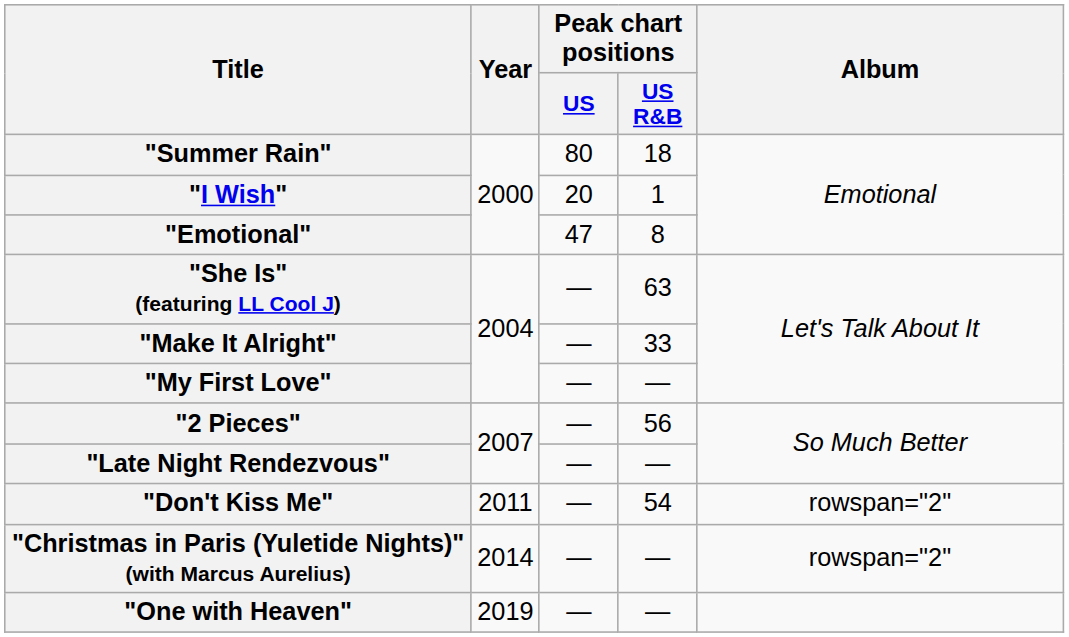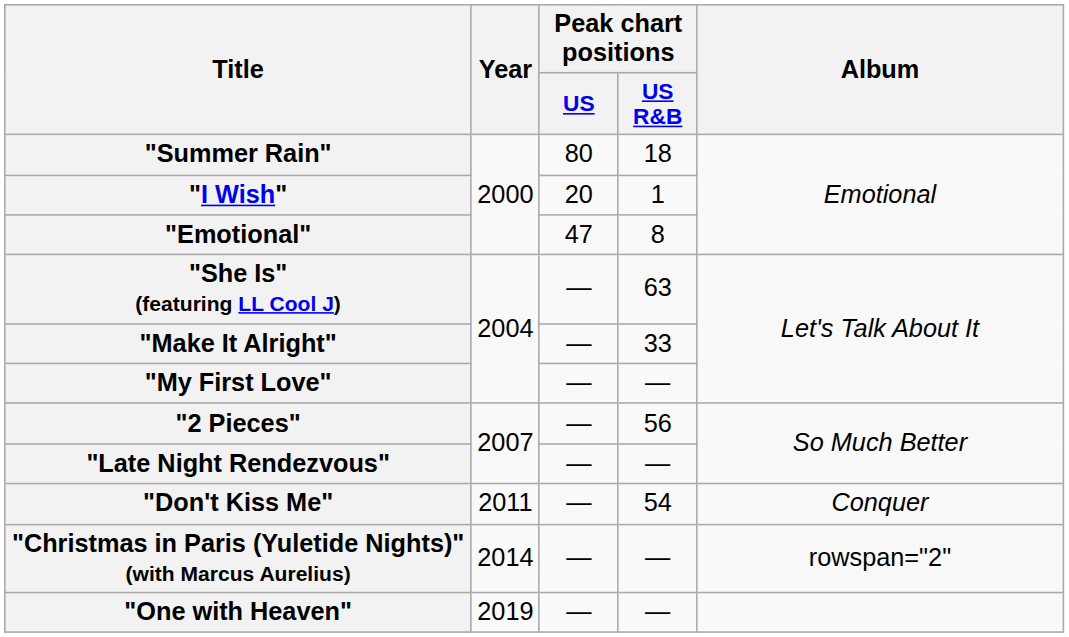 <table class="wikitable plainrowheaders" style="text-align:center;" border="1">
 <tr>
 <th scope="col" rowspan="2" style="width:18em;">Title</th>
 <th scope="col" rowspan="2">Year</th>
 <th scope="col" colspan="2">Peak chart positions</th>
 <th scope="col" rowspan="2" style="width:14em;">Album</th>
 </tr>
 <tr>
 <th scope="col" style="width:3em;font-size:90%;"><a href='#'>US</a><br></th>
 <th scope="col" style="width:3em;font-size:90%;"><a href='#'>US<br>R&B</a><br></th>
 </tr>
 <tr>
 <th scope="row">"Summer Rain"</th>
 <td rowspan="3">2000</td>
 <td>80</td>
 <td>18</td>
 <td style="text-align:center;" rowspan="3"><em>Emotional</em></td>
 </tr>
 <tr>
 <th scope="row">"<a href='#'>I Wish</a>"</th>
 <td>20</td>
 <td>1</td>
 </tr>
 <tr>
 <th scope="row">"Emotional"</th>
 <td>47</td>
 <td>8</td>
 </tr>
 <tr>
 <th scope="row">"She Is" <br><small>(featuring <a href='#'>LL Cool J</a>)</small></th>
 <td rowspan="3">2004</td>
 <td>—</td>
 <td>63</td>
 <td style="text-align:center;" rowspan="3"><em>Let's Talk About It</em></td>
 </tr>
 <tr>
 <th scope="row">"Make It Alright"</th>
 <td>—</td>
 <td>33</td>
 </tr>
 <tr>
 <th scope="row">"My First Love"</th>
 <td>—</td>
 <td>—</td>
 </tr>
 <tr>
 <th scope="row">"2 Pieces"</th>
 <td rowspan="2">2007</td>
 <td>—</td>
 <td>56</td>
 <td style="text-align:center;" rowspan="2"><em>So Much Better</em></td>
 </tr>
 <tr>
 <th scope="row">"Late Night Rendezvous"</th>
 <td>—</td>
 <td>—</td>
 </tr>
 <tr>
 <th scope="row">"Don't Kiss Me"</th>
 <td>2011</td>
 <td>—</td>
 <td>54</td>
-<td>rowspan="2" </td>
+<td style="text-align:center;"><em>Conquer</em></td>
 </tr>
 <tr>
 <th scope="row">"Christmas in Paris (Yuletide Nights)" <br> <small>(with Marcus Aurelius)</small></th>
 <td>2014</td>
 <td>—</td>
 <td>—</td>
 <td>rowspan="2" </td>
 </tr>
 <tr>
 <th scope="row">"One with Heaven"</th>
 <td>2019</td>
 <td>—</td>
 <td>—</td>
 </tr>
 </table>
